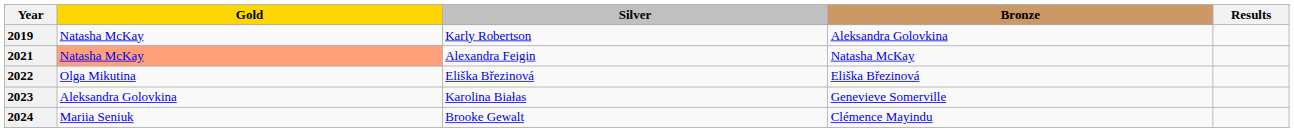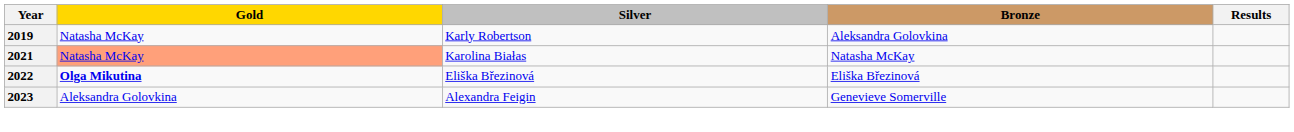 <table class="wikitable unsortable" style="text-align:left; width:80%">
 <tr>
 <th scope="col" style="text-align:center;">Year</th>
 <td scope="col" style="text-align:center; width:30%; background:gold"><strong>Gold</strong></td>
 <td scope="col" style="text-align:center; width:30%; background:silver"><strong>Silver</strong></td>
 <td scope="col" style="text-align:center; width:30%; background:#c96"><strong>Bronze</strong></td>
 <th scope="col" style="text-align:center;">Results</th>
 </tr>
 <tr>
 <th scope="row" style="text-align:left">2019</th>
 <td> <a href='#'>Natasha McKay</a></td>
 <td> <a href='#'>Karly Robertson</a></td>
 <td> <a href='#'>Aleksandra Golovkina</a></td>
 <td></td>
 </tr>
 <tr>
 <th scope="row" style="text-align:left">2021</th>
 <td style="background: lightsalmon;"> <a href='#'>Natasha McKay</a></td>
-<td> <a href='#'>Alexandra Feigin </a></td>
+<td> <a href='#'>Karolina Białas</a></td>
 <td> <a href='#'>Natasha McKay</a></td>
 <td></td>
 </tr>
 <tr>
 <th scope="row" style="text-align:left">2022</th>
-<td> <a href='#'>Olga Mikutina</a></td>
+<td><strong> <a href='#'>Olga Mikutina</a></strong></td>
 <td> <a href='#'>Eliška Březinová</a></td>
 <td> <a href='#'>Eliška Březinová</a></td>
 <td></td>
 </tr>
 <tr>
 <th scope="row" style="text-align:left">2023</th>
 <td> <a href='#'>Aleksandra Golovkina</a></td>
-<td> <a href='#'>Karolina Białas</a></td>
+<td> <a href='#'>Alexandra Feigin </a></td>
 <td> <a href='#'>Genevieve Somerville</a></td>
 <td></td>
 </tr>
-<tr>
-<th scope="row" style="text-align:left">2024</th>
-<td> <a href='#'>Mariia Seniuk</a></td>
-<td> <a href='#'>Brooke Gewalt</a></td>
-<td> <a href='#'>Clémence Mayindu</a></td>
-<td></td>
-</tr>
 </table>
